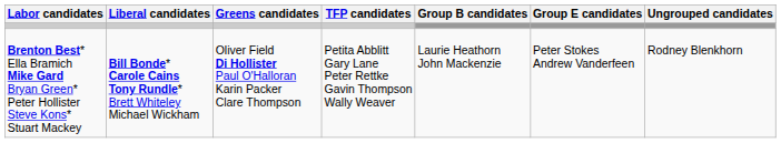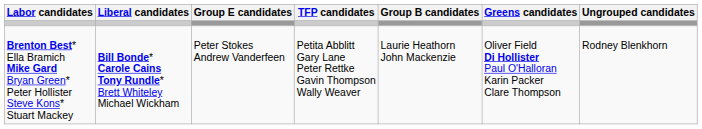 <table class="wikitable">
 <tr>
 <th><a href='#'>Labor</a> candidates</th>
 <th><a href='#'>Liberal</a> candidates</th>
-<th><a href='#'>Greens</a> candidates</th>
+<th>Group E candidates</th>
 <th><a href='#'>TFP</a> candidates</th>
 <th>Group B candidates</th>
-<th>Group E candidates</th>
+<th><a href='#'>Greens</a> candidates</th>
 <th>Ungrouped candidates</th>
 </tr>
 <tr bgcolor="#cccccc">
 <td></td>
 <td></td>
-<td></td>
+<td bgcolor="#999999"></td>
 <td></td>
 <td bgcolor="#999999"></td>
-<td bgcolor="#999999"></td>
+<td></td>
 <td bgcolor="#999999"></td>
 </tr>
 <tr>
 <td><br><strong><a href='#'>Brenton Best</a></strong>*<br> Ella Bramich<br> <strong><a href='#'>Mike Gard</a></strong><br> <a href='#'>Bryan Green</a>*<br> Peter Hollister<br> <a href='#'>Steve Kons</a>*<br> Stuart Mackey</td>
 <td><br><strong><a href='#'>Bill Bonde</a></strong>*<br> <strong><a href='#'>Carole Cains</a></strong><br> <strong><a href='#'>Tony Rundle</a></strong>*<br> <a href='#'>Brett Whiteley</a><br> Michael Wickham</td>
-<td valign=top><br>Oliver Field<br> <strong><a href='#'>Di Hollister</a></strong><br> <a href='#'>Paul O'Halloran</a><br> Karin Packer<br> Clare Thompson</td>
+<td valign=top><br>Peter Stokes<br> Andrew Vanderfeen</td>
 <td valign=top><br>Petita Abblitt<br> Gary Lane<br> Peter Rettke<br> Gavin Thompson<br> Wally Weaver</td>
 <td valign=top><br>Laurie Heathorn<br> John Mackenzie</td>
-<td valign=top><br>Peter Stokes<br> Andrew Vanderfeen</td>
+<td valign=top><br>Oliver Field<br> <strong><a href='#'>Di Hollister</a></strong><br> <a href='#'>Paul O'Halloran</a><br> Karin Packer<br> Clare Thompson</td>
 <td valign=top><br>Rodney Blenkhorn</td>
 </tr>
 </table>
